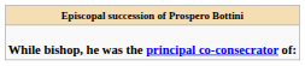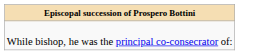 <table role="presentation" class="wikitable mw-collapsible mw-collapsed"|>
 <tr>
 <th style="background:#F5DEB3"><small>Episcopal succession of Prospero Bottini</small></th>
 </tr>
 <tr>
-<td><strong><br>While bishop, he was the <a href='#'>principal co-consecrator</a> of: </strong></td>
+<td><br>While bishop, he was the <a href='#'>principal co-consecrator</a> of: </td>
 </tr>
 </table>
